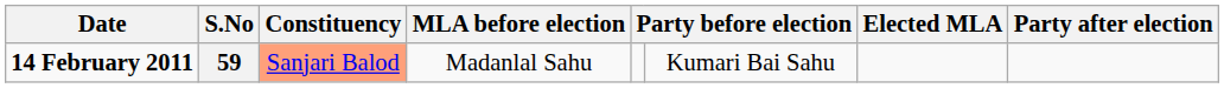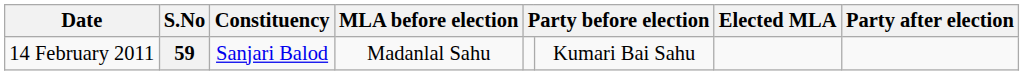 <table class="wikitable sortable" style="text-align:center;">
 <tr>
 <th>Date</th>
 <th>S.No</th>
 <th>Constituency</th>
 <th>MLA before election</th>
 <th colspan="2">Party before election</th>
 <th>Elected MLA</th>
 <th colspan="2">Party after election</th>
 </tr>
 <tr>
-<td><strong>14 February 2011</strong></td>
+<td>14 February 2011</td>
 <th>59</th>
-<td style="background: lightsalmon;"><a href='#'>Sanjari Balod</a></td>
+<td><a href='#'>Sanjari Balod</a></td>
 <td>Madanlal Sahu</td>
 <td></td>
 <td>Kumari Bai Sahu</td>
 <td></td>
 </tr>
 </table>
